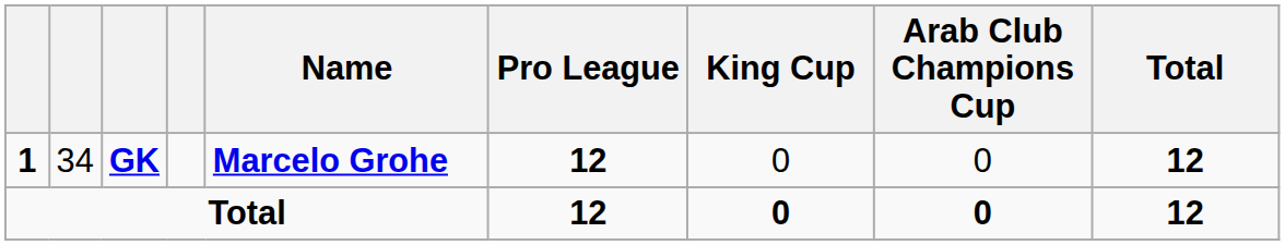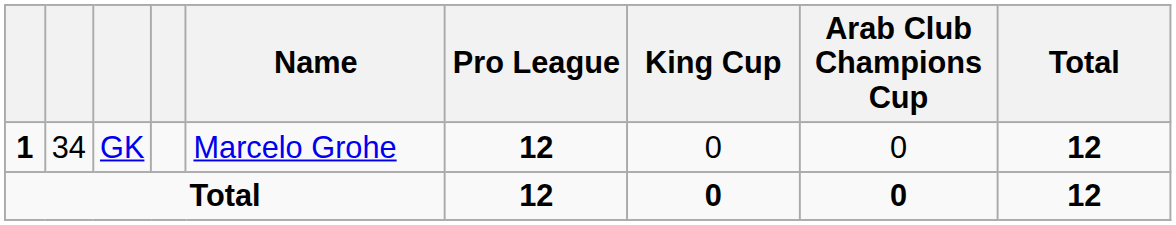 <table class="wikitable" style="text-align:center">
 <tr>
 <th width=15></th>
 <th width=15></th>
 <th width=15></th>
 <th width=15></th>
 <th width=155>Name</th>
 <th width=100>Pro League</th>
 <th width=100>King Cup</th>
 <th width=100>Arab Club Champions Cup</th>
 <th width=100>Total</th>
 </tr>
 <tr>
 <td><strong>1</strong></td>
 <td>34</td>
-<td><strong><a href='#'>GK</a></strong></td>
+<td><a href='#'>GK</a></td>
 <td></td>
-<td align=left><strong><a href='#'>Marcelo Grohe</a></strong></td>
+<td align=left><a href='#'>Marcelo Grohe</a></td>
 <td><strong>12</strong></td>
 <td>0</td>
 <td>0</td>
 <td><strong>12</strong></td>
 </tr>
 <tr>
 <td colspan=5><strong>Total</strong></td>
 <td><strong>12</strong></td>
 <td><strong>0</strong></td>
 <td><strong>0</strong></td>
 <td><strong>12</strong></td>
 </tr>
 </table>
